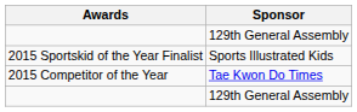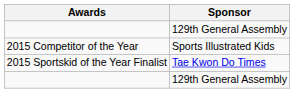 <table class="wikitable">
 <tr>
 <th>Awards</th>
 <th>Sponsor</th>
 </tr>
 <tr>
 <td></td>
 <td>129th General Assembly</td>
 </tr>
 <tr>
-<td>2015 Sportskid of the Year Finalist</td>
+<td>2015 Competitor of the Year</td>
 <td>Sports Illustrated Kids</td>
 </tr>
 <tr>
-<td>2015 Competitor of the Year</td>
+<td>2015 Sportskid of the Year Finalist</td>
 <td><a href='#'>Tae Kwon Do Times</a></td>
 </tr>
 <tr>
 <td></td>
 <td>129th General Assembly</td>
 </tr>
 </table>
